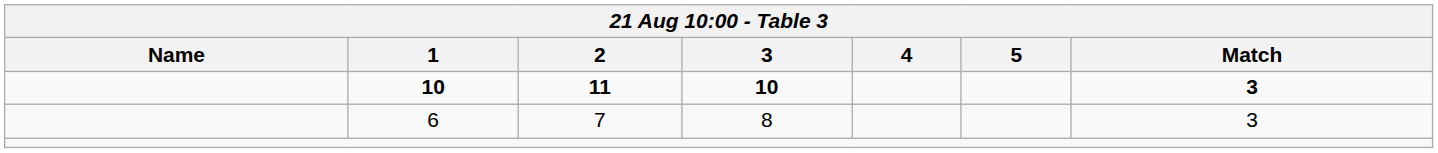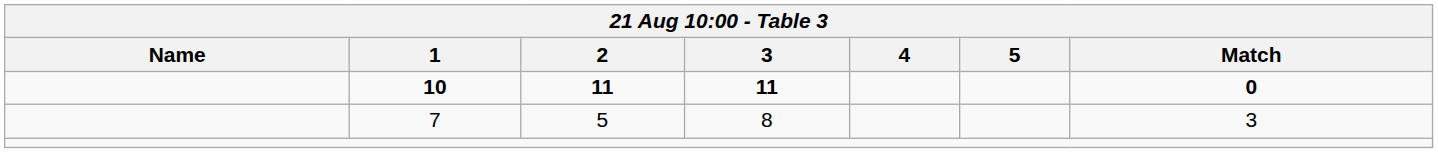 <table class=wikitable style="text-align:center; width: 55%">
 <tr>
 <th colspan=17><em>21 Aug 10:00 - Table 3</em></th>
 </tr>
 <tr>
 <th>Name</th>
 <th>1</th>
 <th>2</th>
 <th>3</th>
 <th>4</th>
 <th>5</th>
 <th>Match</th>
 </tr>
 <tr>
 <td style="text-align:left;"><strong></strong></td>
 <td><strong>10</strong></td>
 <td><strong>11</strong></td>
-<td><strong>10</strong></td>
+<td><strong>11</strong></td>
 <td></td>
 <td></td>
-<td><strong>3</strong></td>
+<td><strong>0</strong></td>
 </tr>
 <tr>
 <td style="text-align:left;"></td>
-<td>6</td>
 <td>7</td>
+<td>5</td>
 <td>8</td>
 <td></td>
 <td></td>
 <td>3</td>
 </tr>
 <tr>
 <td colspan=17></td>
 </tr>
 </table>
